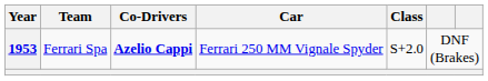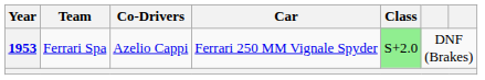 <table class="wikitable" style="text-align:center; font-size:90%">
 <tr>
 <th>Year</th>
 <th>Team</th>
 <th>Co-Drivers</th>
 <th>Car</th>
 <th>Class</th>
 <th></th>
 <th></th>
 </tr>
 <tr>
 <th><a href='#'>1953</a></th>
 <td align="left"> <a href='#'>Ferrari Spa</a></td>
-<td align="left"><strong> <a href='#'>Azelio Cappi</a></strong></td>
+<td align="left"> <a href='#'>Azelio Cappi</a></td>
 <td align="left"><a href='#'>Ferrari 250 MM Vignale Spyder</a></td>
-<td>S+2.0</td>
+<td style="background: lightgreen;">S+2.0</td>
 <td colspan=2>DNF<br>(Brakes)</td>
 </tr>
 <tr>
 <th colspan="7"></th>
 </tr>
 </table>
